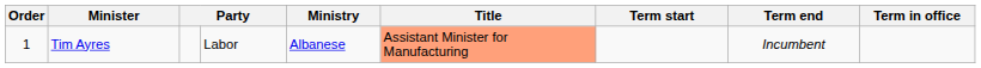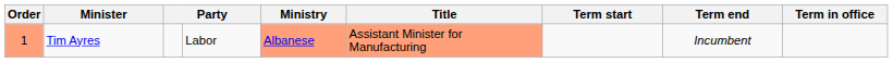 <table class="wikitable">
 <tr>
 <th width=5>Order</th>
 <th width=150>Minister</th>
 <th width=120 colspan=2>Party</th>
 <th width=105>Ministry</th>
 <th width=250>Title</th>
 <th width=150>Term start</th>
 <th width=150>Term end</th>
 <th width=130>Term in office</th>
 </tr>
 <tr>
-<td align=center>1</td>
+<td align=center style="background: lightsalmon;">1</td>
 <td><a href='#'>Tim Ayres</a></td>
 <td> </td>
 <td>Labor</td>
-<td><a href='#'>Albanese</a></td>
+<td style="background: lightsalmon;"><a href='#'>Albanese</a></td>
 <td style="background: lightsalmon;">Assistant Minister for Manufacturing</td>
 <td align=center></td>
 <td align=center><em>Incumbent</em></td>
 <td align=right></td>
 </tr>
 </table>
